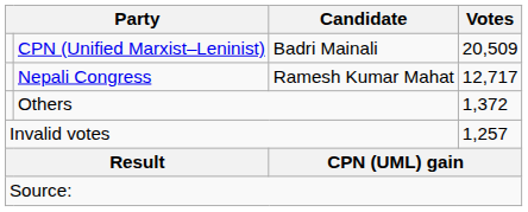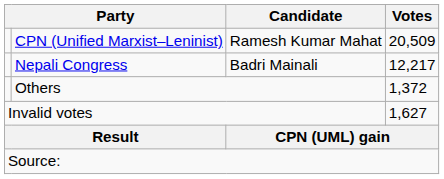 <table class="wikitable">
 <tr>
 <th colspan="2">Party</th>
 <th>Candidate</th>
 <th>Votes</th>
 </tr>
 <tr>
 <td style="background-color:"></td>
 <td><a href='#'>CPN (Unified Marxist–Leninist)</a></td>
-<td>Badri Mainali</td>
+<td>Ramesh Kumar Mahat</td>
 <td>20,509</td>
 </tr>
 <tr>
 <td style="background-color:"></td>
 <td><a href='#'>Nepali Congress</a></td>
-<td>Ramesh Kumar Mahat</td>
-<td>12,717</td>
+<td>Badri Mainali</td>
+<td>12,217</td>
 </tr>
 <tr>
 <td></td>
 <td colspan="2">Others</td>
 <td>1,372</td>
 </tr>
 <tr>
 <td colspan="3">Invalid votes</td>
-<td>1,257</td>
+<td>1,627</td>
 </tr>
 <tr>
 <th colspan="2">Result</th>
 <th colspan="2">CPN (UML) gain</th>
 </tr>
 <tr>
 <td colspan="4">Source: </td>
 </tr>
 </table>
